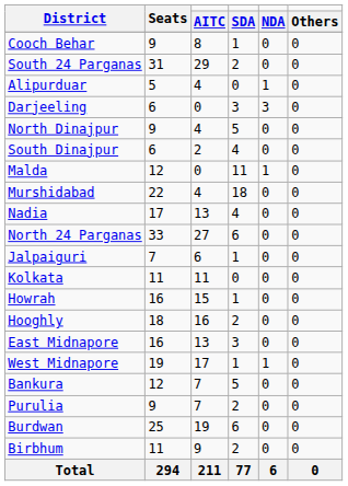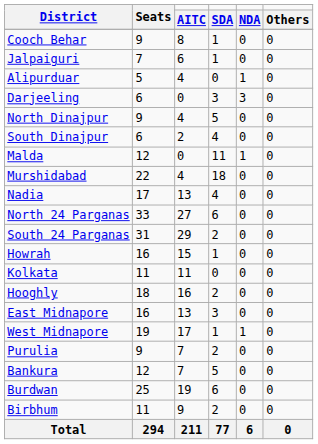 <table class="wikitable defaultcenter col1left" style="font-size: 100%">
 <tr>
 <th rowspan="2"><a href='#'>District</a></th>
 <th rowspan="2">Seats</th>
 <td></td>
 <td></td>
 <td></td>
 <td></td>
 </tr>
 <tr>
 <th><a href='#'>AITC</a></th>
 <th><a href='#'>SDA</a></th>
 <th><a href='#'>NDA</a></th>
 <th>Others</th>
 </tr>
 <tr>
 </tr>
 <tr>
 <td><a href='#'>Cooch Behar</a></td>
 <td>9</td>
 <td style="background:">8</td>
 <td>1</td>
 <td>0</td>
 <td>0</td>
 </tr>
 <tr>
-<td><a href='#'>South 24 Parganas</a></td>
-<td>31</td>
-<td style="background:">29</td>
-<td>2</td>
+<td><a href='#'>Jalpaiguri</a></td>
+<td>7</td>
+<td style="background:">6</td>
+<td>1</td>
 <td>0</td>
 <td>0</td>
 </tr>
 <tr>
 <td><a href='#'>Alipurduar</a></td>
 <td>5</td>
 <td style="background:">4</td>
 <td>0</td>
 <td>1</td>
 <td>0</td>
 </tr>
 <tr>
 <td><a href='#'>Darjeeling</a></td>
 <td>6</td>
 <td>0</td>
 <td>3</td>
 <td>3</td>
 <td>0</td>
 </tr>
 <tr>
 <td><a href='#'>North Dinajpur</a></td>
 <td>9</td>
 <td>4</td>
 <td style="background:">5</td>
 <td>0</td>
 <td>0</td>
 </tr>
 <tr>
 <td><a href='#'>South Dinajpur</a></td>
 <td>6</td>
 <td>2</td>
 <td style="background:">4</td>
 <td>0</td>
 <td>0</td>
 </tr>
 <tr>
 <td><a href='#'>Malda</a></td>
 <td>12</td>
 <td>0</td>
 <td style="background:">11</td>
 <td>1</td>
 <td>0</td>
 </tr>
 <tr>
 <td><a href='#'>Murshidabad</a></td>
 <td>22</td>
 <td>4</td>
 <td style="background:">18</td>
 <td>0</td>
 <td>0</td>
 </tr>
 <tr>
 <td><a href='#'>Nadia</a></td>
 <td>17</td>
 <td style="background:">13</td>
 <td>4</td>
 <td>0</td>
 <td>0</td>
 </tr>
 <tr>
 <td><a href='#'>North 24 Parganas</a></td>
 <td>33</td>
 <td style="background:">27</td>
 <td>6</td>
 <td>0</td>
 <td>0</td>
 </tr>
 <tr>
-<td><a href='#'>Jalpaiguri</a></td>
-<td>7</td>
-<td style="background:">6</td>
+<td><a href='#'>South 24 Parganas</a></td>
+<td>31</td>
+<td style="background:">29</td>
+<td>2</td>
+<td>0</td>
+<td>0</td>
+</tr>
+<tr>
+<td><a href='#'>Howrah</a></td>
+<td>16</td>
+<td style="background:">15</td>
 <td>1</td>
 <td>0</td>
 <td>0</td>
 </tr>
 <tr>
 <td><a href='#'>Kolkata</a></td>
 <td>11</td>
 <td style="background:">11</td>
 <td>0</td>
-<td>0</td>
-<td>0</td>
-</tr>
-<tr>
-<td><a href='#'>Howrah</a></td>
-<td>16</td>
-<td style="background:">15</td>
-<td>1</td>
 <td>0</td>
 <td>0</td>
 </tr>
 <tr>
 <td><a href='#'>Hooghly</a></td>
 <td>18</td>
 <td style="background:">16</td>
 <td>2</td>
 <td>0</td>
 <td>0</td>
 </tr>
 <tr>
 <td><a href='#'>East Midnapore</a></td>
 <td>16</td>
 <td style="background:">13</td>
 <td>3</td>
 <td>0</td>
 <td>0</td>
 </tr>
 <tr>
 <td><a href='#'>West Midnapore</a></td>
 <td>19</td>
 <td style="background:">17</td>
 <td>1</td>
 <td>1</td>
 <td>0</td>
 </tr>
 <tr>
+<td><a href='#'>Purulia</a></td>
+<td>9</td>
+<td style="background:">7</td>
+<td>2</td>
+<td>0</td>
+<td>0</td>
+</tr>
+<tr>
 <td><a href='#'>Bankura</a></td>
 <td>12</td>
 <td style="background:">7</td>
 <td>5</td>
-<td>0</td>
-<td>0</td>
-</tr>
-<tr>
-<td><a href='#'>Purulia</a></td>
-<td>9</td>
-<td style="background:">7</td>
-<td>2</td>
 <td>0</td>
 <td>0</td>
 </tr>
 <tr>
 <td><a href='#'>Burdwan</a></td>
 <td>25</td>
 <td style="background:">19</td>
 <td>6</td>
 <td>0</td>
 <td>0</td>
 </tr>
 <tr>
 <td><a href='#'>Birbhum</a></td>
 <td>11</td>
 <td style="background:">9</td>
 <td>2</td>
 <td>0</td>
 <td>0</td>
 </tr>
 <tr>
 <th>Total</th>
 <th>294</th>
 <th>211</th>
 <th>77</th>
 <th>6</th>
 <th>0</th>
 </tr>
 </table>
